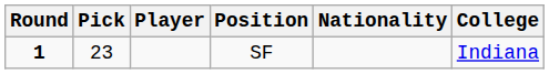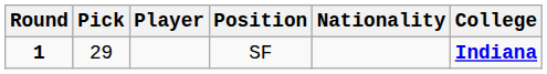 <table class="wikitable sortable sortable">
 <tr>
 <th>Round</th>
 <th>Pick</th>
 <th>Player</th>
 <th>Position</th>
 <th>Nationality</th>
 <th>College</th>
 </tr>
 <tr style="text-align: center">
 <td><strong>1</strong></td>
-<td>23</td>
+<td>29</td>
 <td></td>
 <td>SF</td>
 <td></td>
-<td><a href='#'>Indiana</a></td>
+<td><strong><a href='#'>Indiana</a></strong></td>
 </tr>
 </table>
